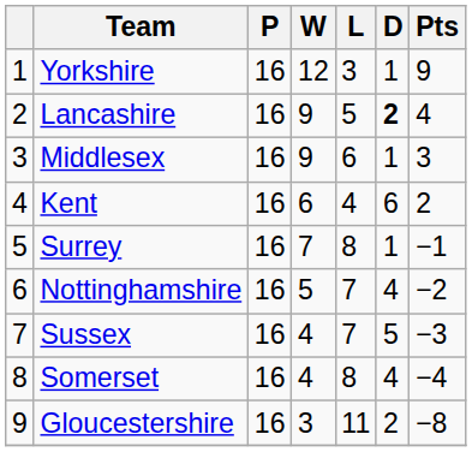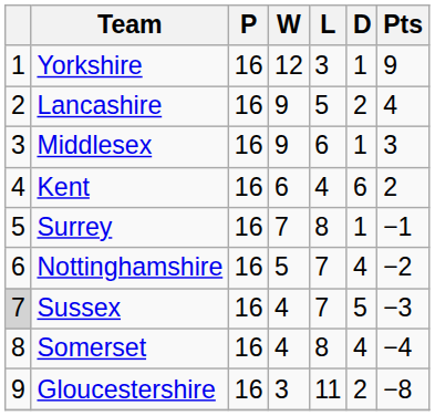 <table class="wikitable">
 <tr>
 <th></th>
 <th>Team</th>
 <th>P</th>
 <th>W</th>
 <th>L</th>
 <th>D</th>
 <th>Pts</th>
 </tr>
 <tr>
 <td>1</td>
 <td><a href='#'>Yorkshire</a></td>
 <td>16</td>
 <td>12</td>
 <td>3</td>
 <td>1</td>
 <td>9</td>
 </tr>
 <tr>
 <td>2</td>
 <td><a href='#'>Lancashire</a></td>
 <td>16</td>
 <td>9</td>
 <td>5</td>
-<td><strong>2</strong></td>
+<td>2</td>
 <td>4</td>
 </tr>
 <tr>
 <td>3</td>
 <td><a href='#'>Middlesex</a></td>
 <td>16</td>
 <td>9</td>
 <td>6</td>
 <td>1</td>
 <td>3</td>
 </tr>
 <tr>
 <td>4</td>
 <td><a href='#'>Kent</a></td>
 <td>16</td>
 <td>6</td>
 <td>4</td>
 <td>6</td>
 <td>2</td>
 </tr>
 <tr>
 <td>5</td>
 <td><a href='#'>Surrey</a></td>
 <td>16</td>
 <td>7</td>
 <td>8</td>
 <td>1</td>
 <td>−1</td>
 </tr>
 <tr>
 <td>6</td>
 <td><a href='#'>Nottinghamshire</a></td>
 <td>16</td>
 <td>5</td>
 <td>7</td>
 <td>4</td>
 <td>−2</td>
 </tr>
 <tr>
-<td>7</td>
+<td style="background: lightgrey;">7</td>
 <td><a href='#'>Sussex</a></td>
 <td>16</td>
 <td>4</td>
 <td>7</td>
 <td>5</td>
 <td>−3</td>
 </tr>
 <tr>
 <td>8</td>
 <td><a href='#'>Somerset</a></td>
 <td>16</td>
 <td>4</td>
 <td>8</td>
 <td>4</td>
 <td>−4</td>
 </tr>
 <tr>
 <td>9</td>
 <td><a href='#'>Gloucestershire</a></td>
 <td>16</td>
 <td>3</td>
 <td>11</td>
 <td>2</td>
 <td>−8</td>
 </tr>
 <tr>
 </tr>
 </table>
